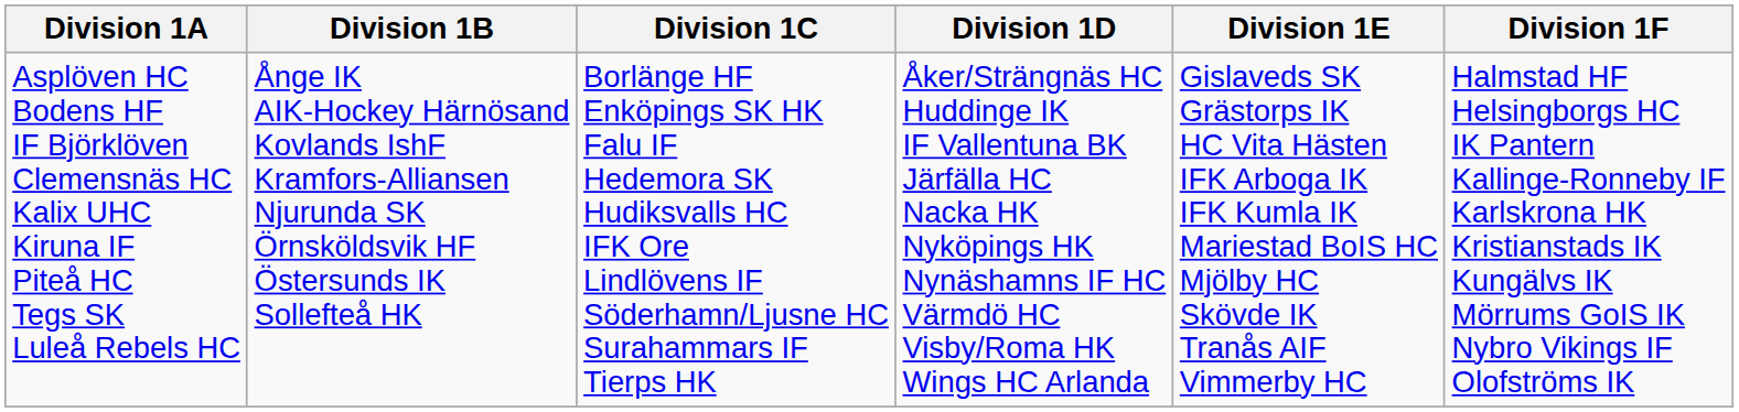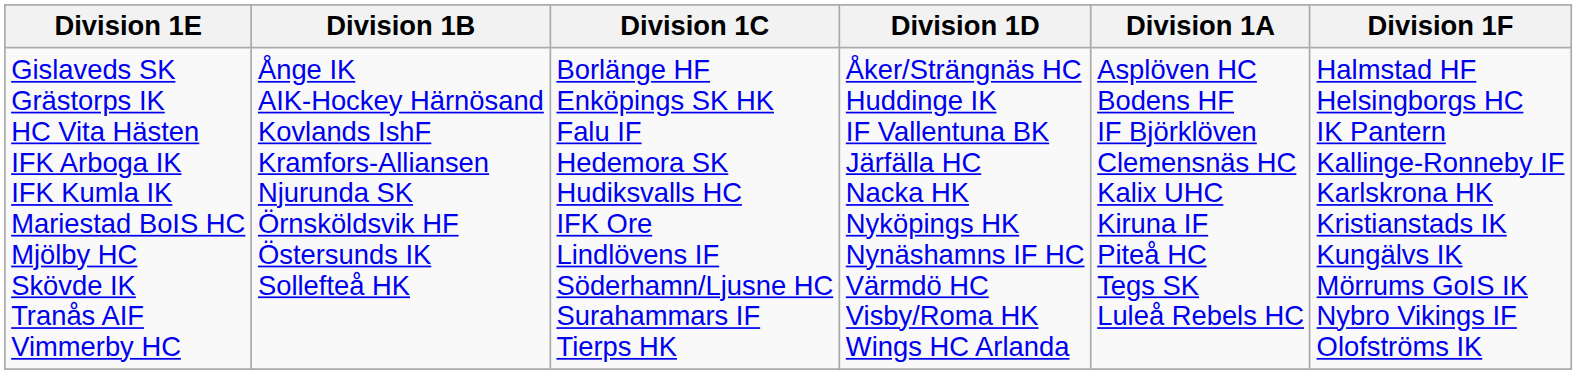 <table class="wikitable">
 <tr>
-<th>Division 1A</th>
+<th>Division 1E</th>
 <th>Division 1B</th>
 <th>Division 1C</th>
 <th>Division 1D</th>
-<th>Division 1E</th>
+<th>Division 1A</th>
 <th>Division 1F</th>
 </tr>
 <tr>
-<td valign=top><a href='#'>Asplöven HC</a><br><a href='#'>Bodens HF</a><br><a href='#'>IF Björklöven</a><br><a href='#'>Clemensnäs HC</a><br><a href='#'>Kalix UHC</a><br><a href='#'>Kiruna IF</a><br><a href='#'>Piteå HC</a><br><a href='#'>Tegs SK</a><br><a href='#'>Luleå Rebels HC</a></td>
+<td valign=top><a href='#'>Gislaveds SK</a><br><a href='#'>Grästorps IK</a><br><a href='#'>HC Vita Hästen</a><br><a href='#'>IFK Arboga IK</a><br><a href='#'>IFK Kumla IK</a><br><a href='#'>Mariestad BoIS HC</a><br><a href='#'>Mjölby HC</a><br><a href='#'>Skövde IK</a><br><a href='#'>Tranås AIF</a><br><a href='#'>Vimmerby HC</a></td>
 <td valign=top><a href='#'>Ånge IK</a><br><a href='#'>AIK-Hockey Härnösand</a><br><a href='#'>Kovlands IshF</a><br><a href='#'>Kramfors-Alliansen</a><br><a href='#'>Njurunda SK</a><br><a href='#'>Örnsköldsvik HF</a><br><a href='#'>Östersunds IK</a><br><a href='#'>Sollefteå HK</a></td>
 <td valign=top><a href='#'>Borlänge HF</a><br><a href='#'>Enköpings SK HK</a><br><a href='#'>Falu IF</a><br><a href='#'>Hedemora SK</a><br><a href='#'>Hudiksvalls HC</a><br><a href='#'>IFK Ore</a><br><a href='#'>Lindlövens IF</a><br><a href='#'>Söderhamn/Ljusne HC</a><br><a href='#'>Surahammars IF</a><br><a href='#'>Tierps HK</a></td>
 <td valign=top><a href='#'>Åker/Strängnäs HC</a><br><a href='#'>Huddinge IK</a><br><a href='#'>IF Vallentuna BK</a><br><a href='#'>Järfälla HC</a><br><a href='#'>Nacka HK</a><br><a href='#'>Nyköpings HK</a><br><a href='#'>Nynäshamns IF HC</a><br><a href='#'>Värmdö HC</a><br><a href='#'>Visby/Roma HK</a><br><a href='#'>Wings HC Arlanda</a></td>
-<td valign=top><a href='#'>Gislaveds SK</a><br><a href='#'>Grästorps IK</a><br><a href='#'>HC Vita Hästen</a><br><a href='#'>IFK Arboga IK</a><br><a href='#'>IFK Kumla IK</a><br><a href='#'>Mariestad BoIS HC</a><br><a href='#'>Mjölby HC</a><br><a href='#'>Skövde IK</a><br><a href='#'>Tranås AIF</a><br><a href='#'>Vimmerby HC</a></td>
+<td valign=top><a href='#'>Asplöven HC</a><br><a href='#'>Bodens HF</a><br><a href='#'>IF Björklöven</a><br><a href='#'>Clemensnäs HC</a><br><a href='#'>Kalix UHC</a><br><a href='#'>Kiruna IF</a><br><a href='#'>Piteå HC</a><br><a href='#'>Tegs SK</a><br><a href='#'>Luleå Rebels HC</a></td>
 <td valign=top><a href='#'>Halmstad HF</a><br><a href='#'>Helsingborgs HC</a><br><a href='#'>IK Pantern</a><br><a href='#'>Kallinge-Ronneby IF</a><br><a href='#'>Karlskrona HK</a><br><a href='#'>Kristianstads IK</a><br><a href='#'>Kungälvs IK</a><br><a href='#'>Mörrums GoIS IK</a><br><a href='#'>Nybro Vikings IF</a><br><a href='#'>Olofströms IK</a></td>
 </tr>
 </table>
